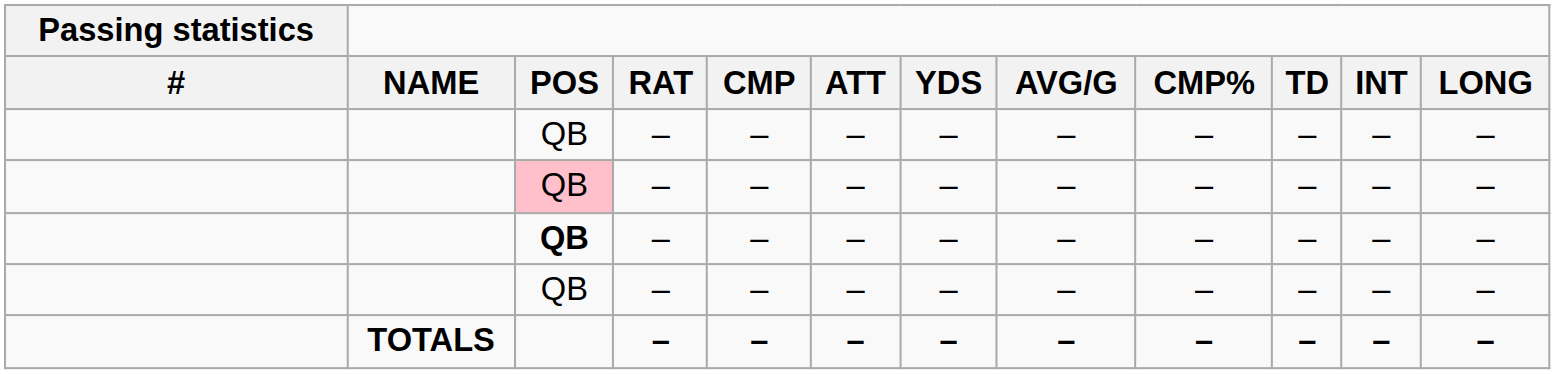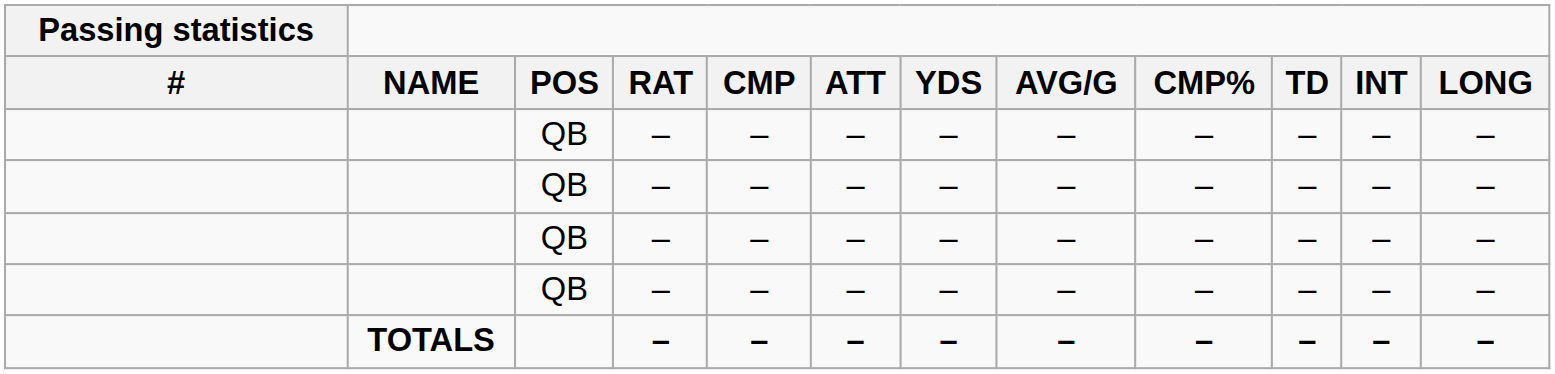 <table style="width:60%; text-align:center;" class="wikitable collapsible collapsed">
 <tr>
 <th style="text-align:center; ">Passing statistics</th>
 </tr>
 <tr>
 <th>#</th>
 <th>NAME</th>
 <th>POS</th>
 <th>RAT</th>
 <th>CMP</th>
 <th>ATT</th>
 <th>YDS</th>
 <th>AVG/G</th>
 <th>CMP%</th>
 <th>TD</th>
 <th>INT</th>
 <th>LONG</th>
 </tr>
 <tr>
 <td></td>
 <td></td>
 <td>QB</td>
 <td>–</td>
 <td>–</td>
 <td>–</td>
 <td>–</td>
 <td>–</td>
 <td>–</td>
 <td>–</td>
 <td>–</td>
 <td>–</td>
 </tr>
 <tr>
 <td></td>
 <td></td>
-<td style="background: pink;">QB</td>
+<td>QB</td>
 <td>–</td>
 <td>–</td>
 <td>–</td>
 <td>–</td>
 <td>–</td>
 <td>–</td>
 <td>–</td>
 <td>–</td>
 <td>–</td>
 </tr>
 <tr>
 <td></td>
 <td></td>
-<td><strong>QB</strong></td>
+<td>QB</td>
 <td>–</td>
 <td>–</td>
 <td>–</td>
 <td>–</td>
 <td>–</td>
 <td>–</td>
 <td>–</td>
 <td>–</td>
 <td>–</td>
 </tr>
 <tr>
 <td></td>
 <td></td>
 <td>QB</td>
 <td>–</td>
 <td>–</td>
 <td>–</td>
 <td>–</td>
 <td>–</td>
 <td>–</td>
 <td>–</td>
 <td>–</td>
 <td>–</td>
 </tr>
 <tr>
 <td></td>
 <td><strong>TOTALS</strong></td>
 <td></td>
 <td><strong>–</strong></td>
 <td><strong>–</strong></td>
 <td><strong>–</strong></td>
 <td><strong>–</strong></td>
 <td><strong>–</strong></td>
 <td><strong>–</strong></td>
 <td><strong>–</strong></td>
 <td><strong>–</strong></td>
 <td><strong>–</strong></td>
 </tr>
 </table>
